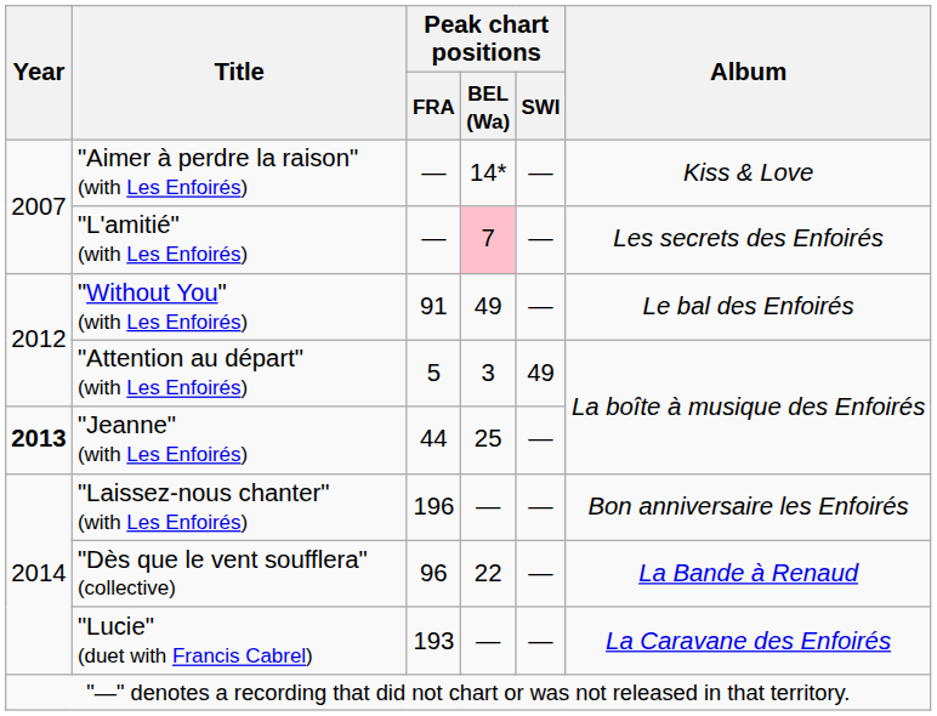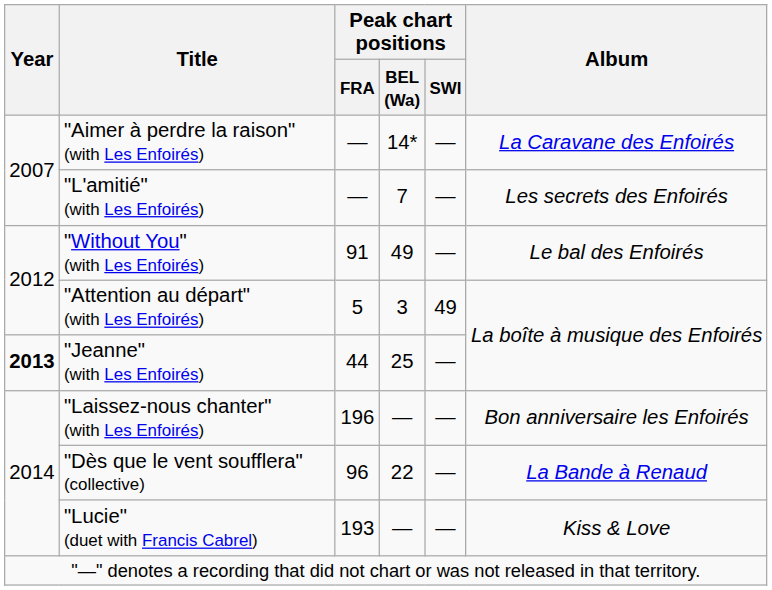 <table class="wikitable">
 <tr>
 <th width="20" rowspan="2">Year</th>
 <th width="210" rowspan="2">Title</th>
 <th align="center" colspan="3">Peak chart positions</th>
 <th align="center" rowspan="2">Album</th>
 </tr>
 <tr>
 <th width="15"><small>FRA</small></th>
 <th width="15"><small>BEL <br> (Wa)</small></th>
 <th width="15"><small>SWI</small></th>
 </tr>
 <tr>
 <td align="center" rowspan="2">2007</td>
 <td>"Aimer à perdre la raison"<small><br>(with <a href='#'>Les Enfoirés</a>)</small></td>
 <td align="center">—</td>
 <td align="center">14*</td>
 <td align="center">—</td>
-<td align="center" rowspan="1"><em>Kiss & Love</em></td>
+<td align="center" rowspan="1"><em><a href='#'>La Caravane des Enfoirés</a></em></td>
 </tr>
 <tr>
 <td>"L'amitié"<small><br>(with <a href='#'>Les Enfoirés</a>)</small></td>
 <td align="center">—</td>
-<td align="center" style="background: pink;">7</td>
+<td align="center">7</td>
 <td align="center">—</td>
 <td align="center" rowspan="1"><em>Les secrets des Enfoirés</em></td>
 </tr>
 <tr>
 <td align="center" rowspan="2">2012</td>
 <td>"<a href='#'>Without You</a>"<small><br>(with <a href='#'>Les Enfoirés</a>)</small></td>
 <td align="center">91</td>
 <td align="center">49</td>
 <td align="center">—</td>
 <td align="center" rowspan="1"><em>Le bal des Enfoirés</em></td>
 </tr>
 <tr>
 <td>"Attention au départ"<small><br>(with <a href='#'>Les Enfoirés</a>)</small></td>
 <td align="center">5</td>
 <td align="center">3</td>
 <td align="center">49</td>
 <td align="center" rowspan="2"><em>La boîte à musique des Enfoirés</em></td>
 </tr>
 <tr>
 <td align="center" rowspan="1"><strong>2013</strong></td>
 <td>"Jeanne"<small><br>(with <a href='#'>Les Enfoirés</a>)</small></td>
 <td align="center">44</td>
 <td align="center">25</td>
 <td align="center">—</td>
 </tr>
 <tr>
 <td align="center" rowspan="3">2014</td>
 <td>"Laissez-nous chanter"<small><br>(with <a href='#'>Les Enfoirés</a>)</small></td>
 <td align="center">196</td>
 <td align="center">—</td>
 <td align="center">—</td>
 <td align="center" rowspan="1"><em>Bon anniversaire les Enfoirés</em></td>
 </tr>
 <tr>
 <td>"Dès que le vent soufflera"<small><br>(collective)</small></td>
 <td align="center">96</td>
 <td align="center">22</td>
 <td align="center">—</td>
 <td align="center" rowspan="1"><em><a href='#'>La Bande à Renaud</a></em></td>
 </tr>
 <tr>
 <td>"Lucie"<small><br>(duet with <a href='#'>Francis Cabrel</a>)</small></td>
 <td align="center">193</td>
 <td align="center">—</td>
 <td align="center">—</td>
-<td align="center" rowspan="1"><em><a href='#'>La Caravane des Enfoirés</a></em></td>
+<td align="center" rowspan="1"><em>Kiss & Love</em></td>
 </tr>
 <tr>
 <td align="center" colspan="6" style="font-size: 90%">"—" denotes a recording that did not chart or was not released in that territory.</td>
 </tr>
 </table>
